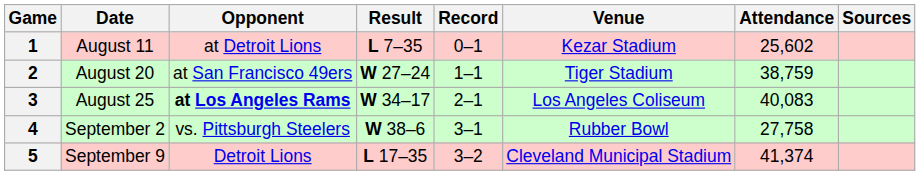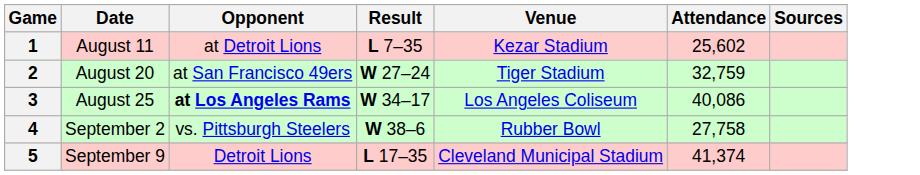 <table class="wikitable" style="text-align:center">
 <tr>
 <th>Game</th>
 <th>Date</th>
 <th>Opponent</th>
 <th>Result</th>
-<th>Record</th>
 <th>Venue</th>
 <th>Attendance</th>
 <th>Sources</th>
 </tr>
 <tr style="background:#fcc">
 <th>1</th>
 <td>August 11</td>
 <td>at <a href='#'>Detroit Lions</a></td>
 <td><strong>L</strong> 7–35</td>
-<td>0–1</td>
 <td><a href='#'>Kezar Stadium</a></td>
 <td>25,602</td>
 <td></td>
 </tr>
 <tr style="background:#cfc">
 <th>2</th>
 <td>August 20</td>
 <td>at <a href='#'>San Francisco 49ers</a></td>
 <td><strong>W</strong> 27–24</td>
-<td>1–1</td>
 <td><a href='#'>Tiger Stadium</a></td>
-<td>38,759</td>
+<td>32,759</td>
 <td></td>
 </tr>
 <tr style="background:#cfc">
 <th>3</th>
 <td>August 25</td>
 <td><strong>at <a href='#'>Los Angeles Rams</a></strong></td>
 <td><strong>W</strong> 34–17</td>
-<td>2–1</td>
 <td><a href='#'>Los Angeles Coliseum</a></td>
-<td>40,083</td>
+<td>40,086</td>
 <td></td>
 </tr>
 <tr style="background:#cfc">
 <th>4</th>
 <td>September 2</td>
 <td>vs. <a href='#'>Pittsburgh Steelers</a></td>
 <td><strong>W</strong> 38–6</td>
-<td>3–1</td>
 <td><a href='#'>Rubber Bowl</a></td>
 <td>27,758</td>
 <td></td>
 </tr>
 <tr style="background:#fcc">
 <th>5</th>
 <td>September 9</td>
 <td><a href='#'>Detroit Lions</a></td>
 <td><strong>L</strong> 17–35</td>
-<td>3–2</td>
 <td><a href='#'>Cleveland Municipal Stadium</a></td>
 <td>41,374</td>
 <td></td>
 </tr>
 </table>
